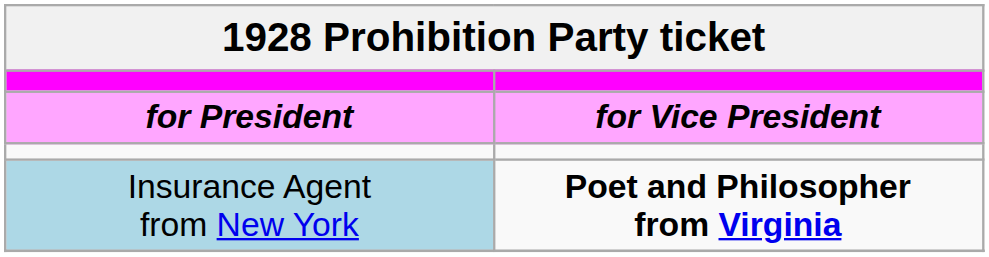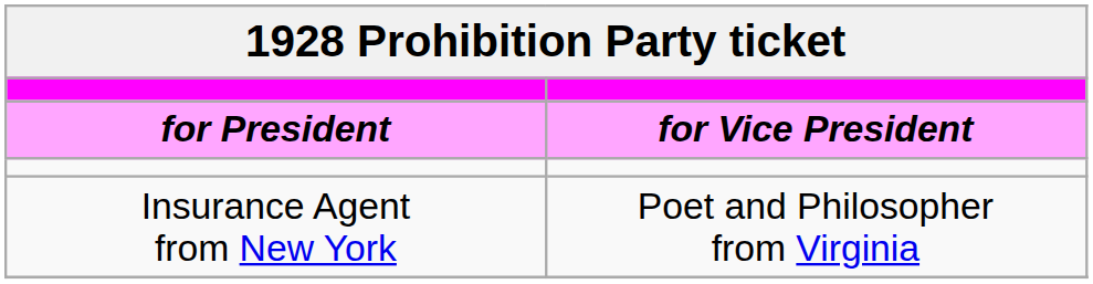 <table class="wikitable" style="font-size:90%; text-align:center;">
 <tr>
 <td style="background:#f1f1f1;" colspan="30"><big><strong>1928 Prohibition Party ticket</strong></big></td>
 </tr>
 <tr>
 <th style="width:3em; font-size:135%; background:#FF00FF; width:200px;"><a href='#'></a></th>
 <th style="width:3em; font-size:135%; background:#FF00FF; width:200px;"><a href='#'></a></th>
 </tr>
 <tr style="color:#000; font-size:100%; background:#ffa6ff;">
 <td style="width:3em; width:200px;"><strong><em>for President</em></strong></td>
 <td style="width:3em; width:200px;"><strong><em>for Vice President</em></strong></td>
 </tr>
 <tr>
 <td></td>
 <td></td>
 </tr>
 <tr>
-<td style="background: lightblue;">Insurance Agent<br>from <a href='#'>New York</a></td>
-<td><strong>Poet and Philosopher<br>from <a href='#'>Virginia</a></strong></td>
+<td>Insurance Agent<br>from <a href='#'>New York</a></td>
+<td>Poet and Philosopher<br>from <a href='#'>Virginia</a></td>
 </tr>
 <tr>
 </tr>
 <tr>
 </tr>
 </table>
